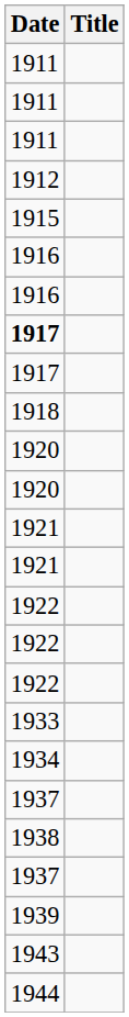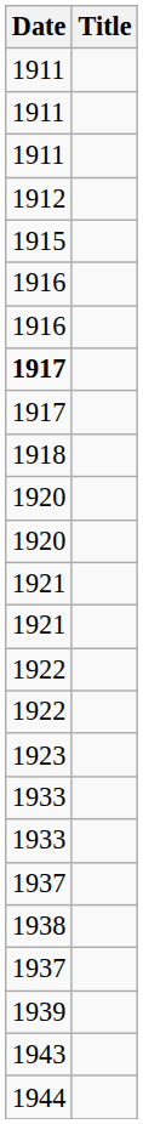 <table class="wikitable">
 <tr>
 <th>Date</th>
 <th>Title</th>
 </tr>
 <tr>
 <td>1911</td>
 <td></td>
 </tr>
 <tr>
 <td>1911</td>
 <td></td>
 </tr>
 <tr>
 <td>1911</td>
 <td></td>
 </tr>
 <tr>
 <td>1912</td>
 <td></td>
 </tr>
 <tr>
 <td>1915</td>
 <td></td>
 </tr>
 <tr>
 <td>1916</td>
 <td></td>
 </tr>
 <tr>
 <td>1916</td>
 <td></td>
 </tr>
 <tr>
 <td><strong>1917</strong></td>
 <td></td>
 </tr>
 <tr>
 <td>1917</td>
 <td></td>
 </tr>
 <tr>
 <td>1918</td>
 <td></td>
 </tr>
 <tr>
 <td>1920</td>
 <td></td>
 </tr>
 <tr>
 <td>1920</td>
 <td></td>
 </tr>
 <tr>
 <td>1921</td>
 <td></td>
 </tr>
 <tr>
 <td>1921</td>
 <td></td>
 </tr>
 <tr>
 <td>1922</td>
 <td></td>
 </tr>
 <tr>
 <td>1922</td>
 <td></td>
 </tr>
 <tr>
-<td>1922</td>
+<td>1923</td>
 <td></td>
 </tr>
 <tr>
 <td>1933</td>
 <td></td>
 </tr>
 <tr>
-<td>1934</td>
+<td>1933</td>
 <td></td>
 </tr>
 <tr>
 <td>1937</td>
 <td></td>
 </tr>
 <tr>
 <td>1938</td>
 <td></td>
 </tr>
 <tr>
 <td>1937</td>
 <td></td>
 </tr>
 <tr>
 <td>1939</td>
 <td></td>
 </tr>
 <tr>
 <td>1943</td>
 <td></td>
 </tr>
 <tr>
 <td>1944</td>
 <td></td>
 </tr>
 <tr>
 </tr>
 </table>
